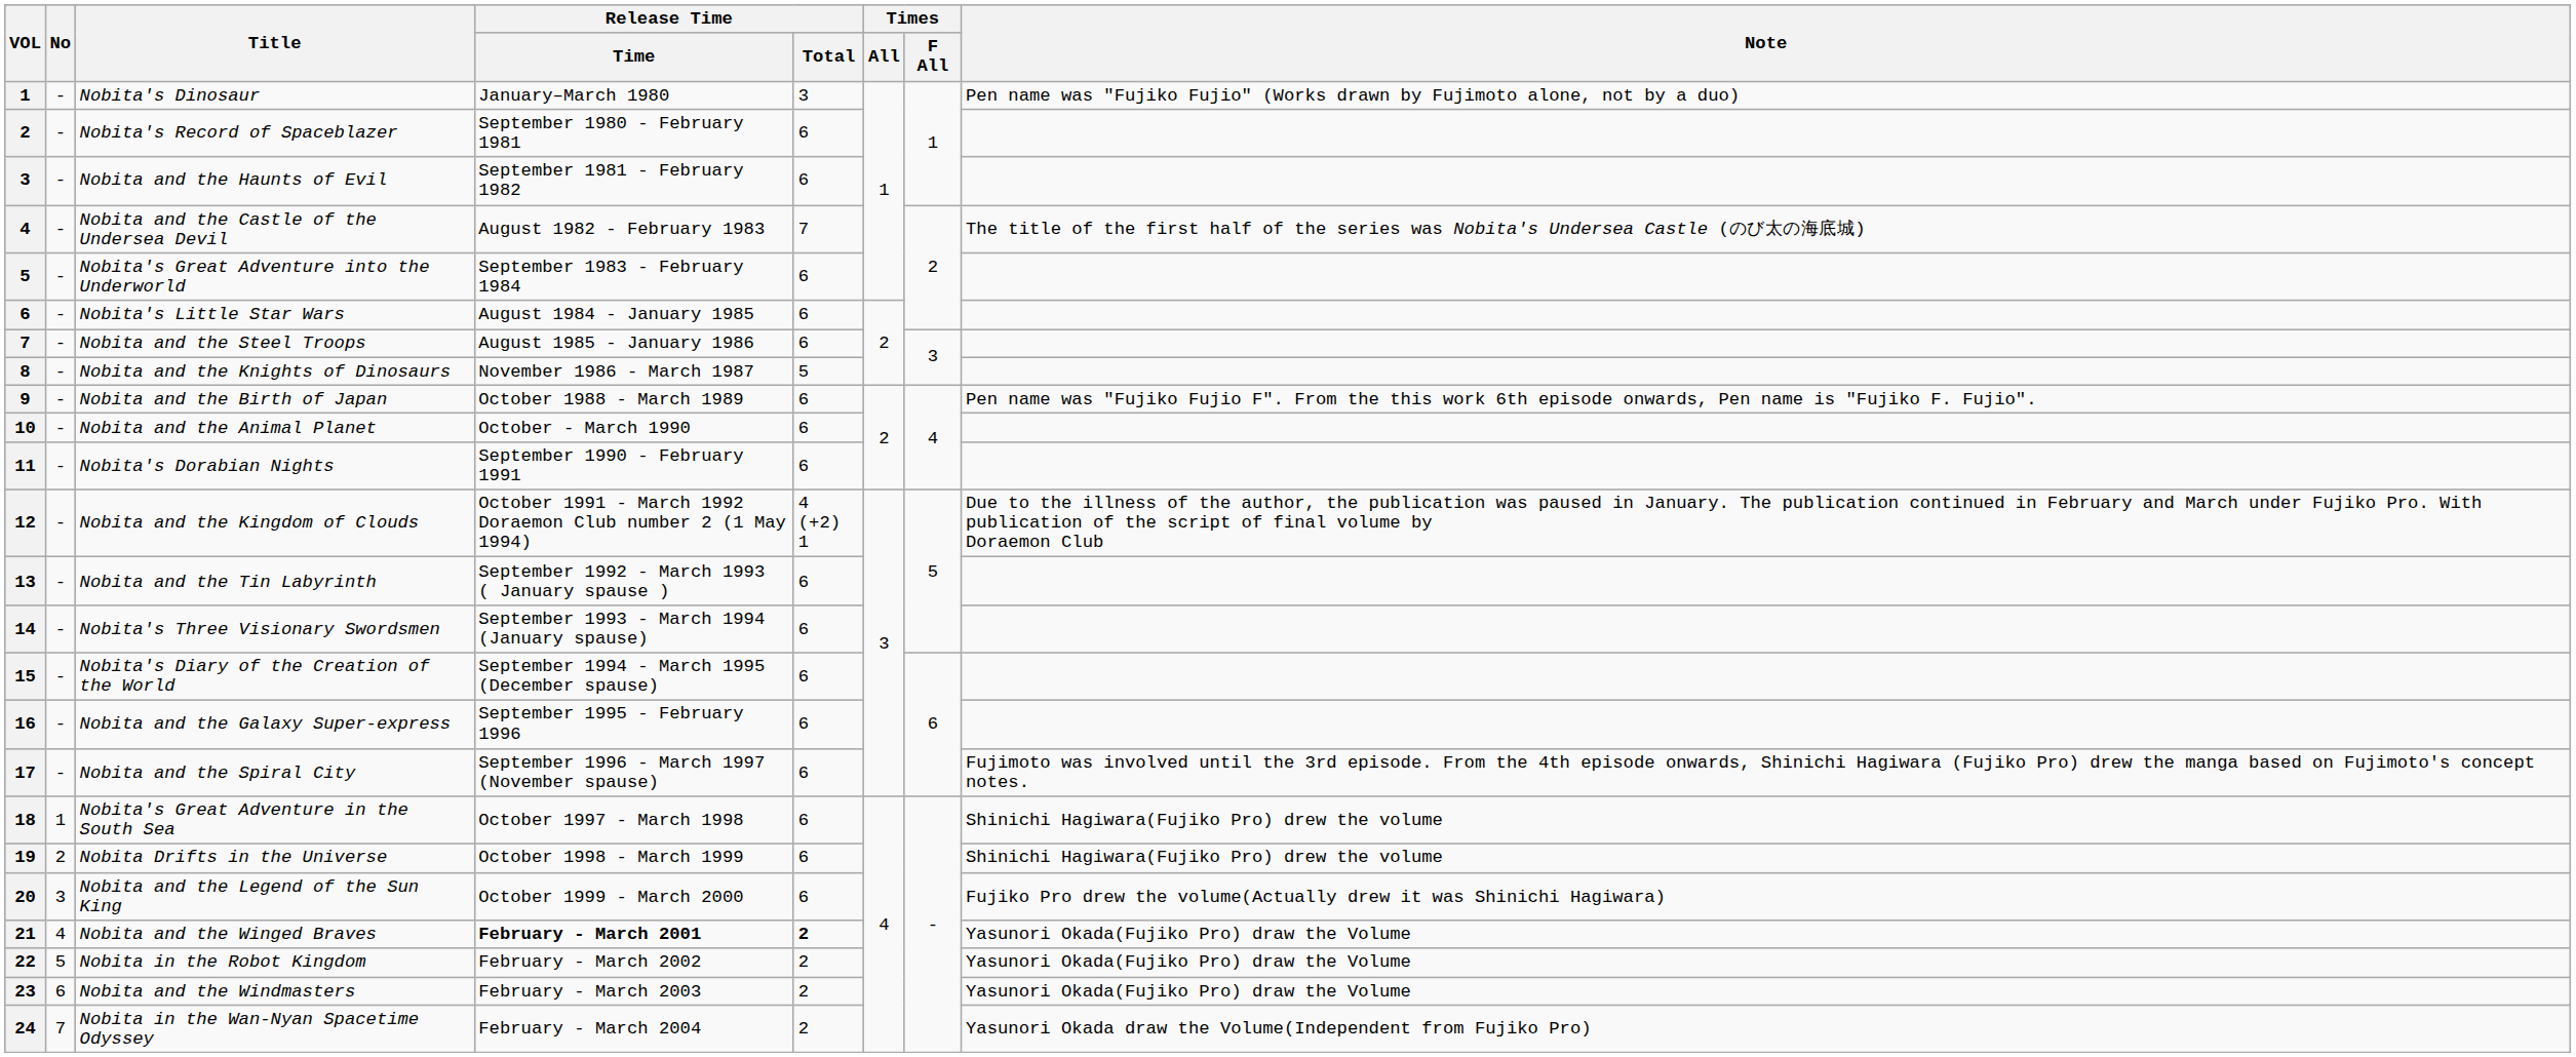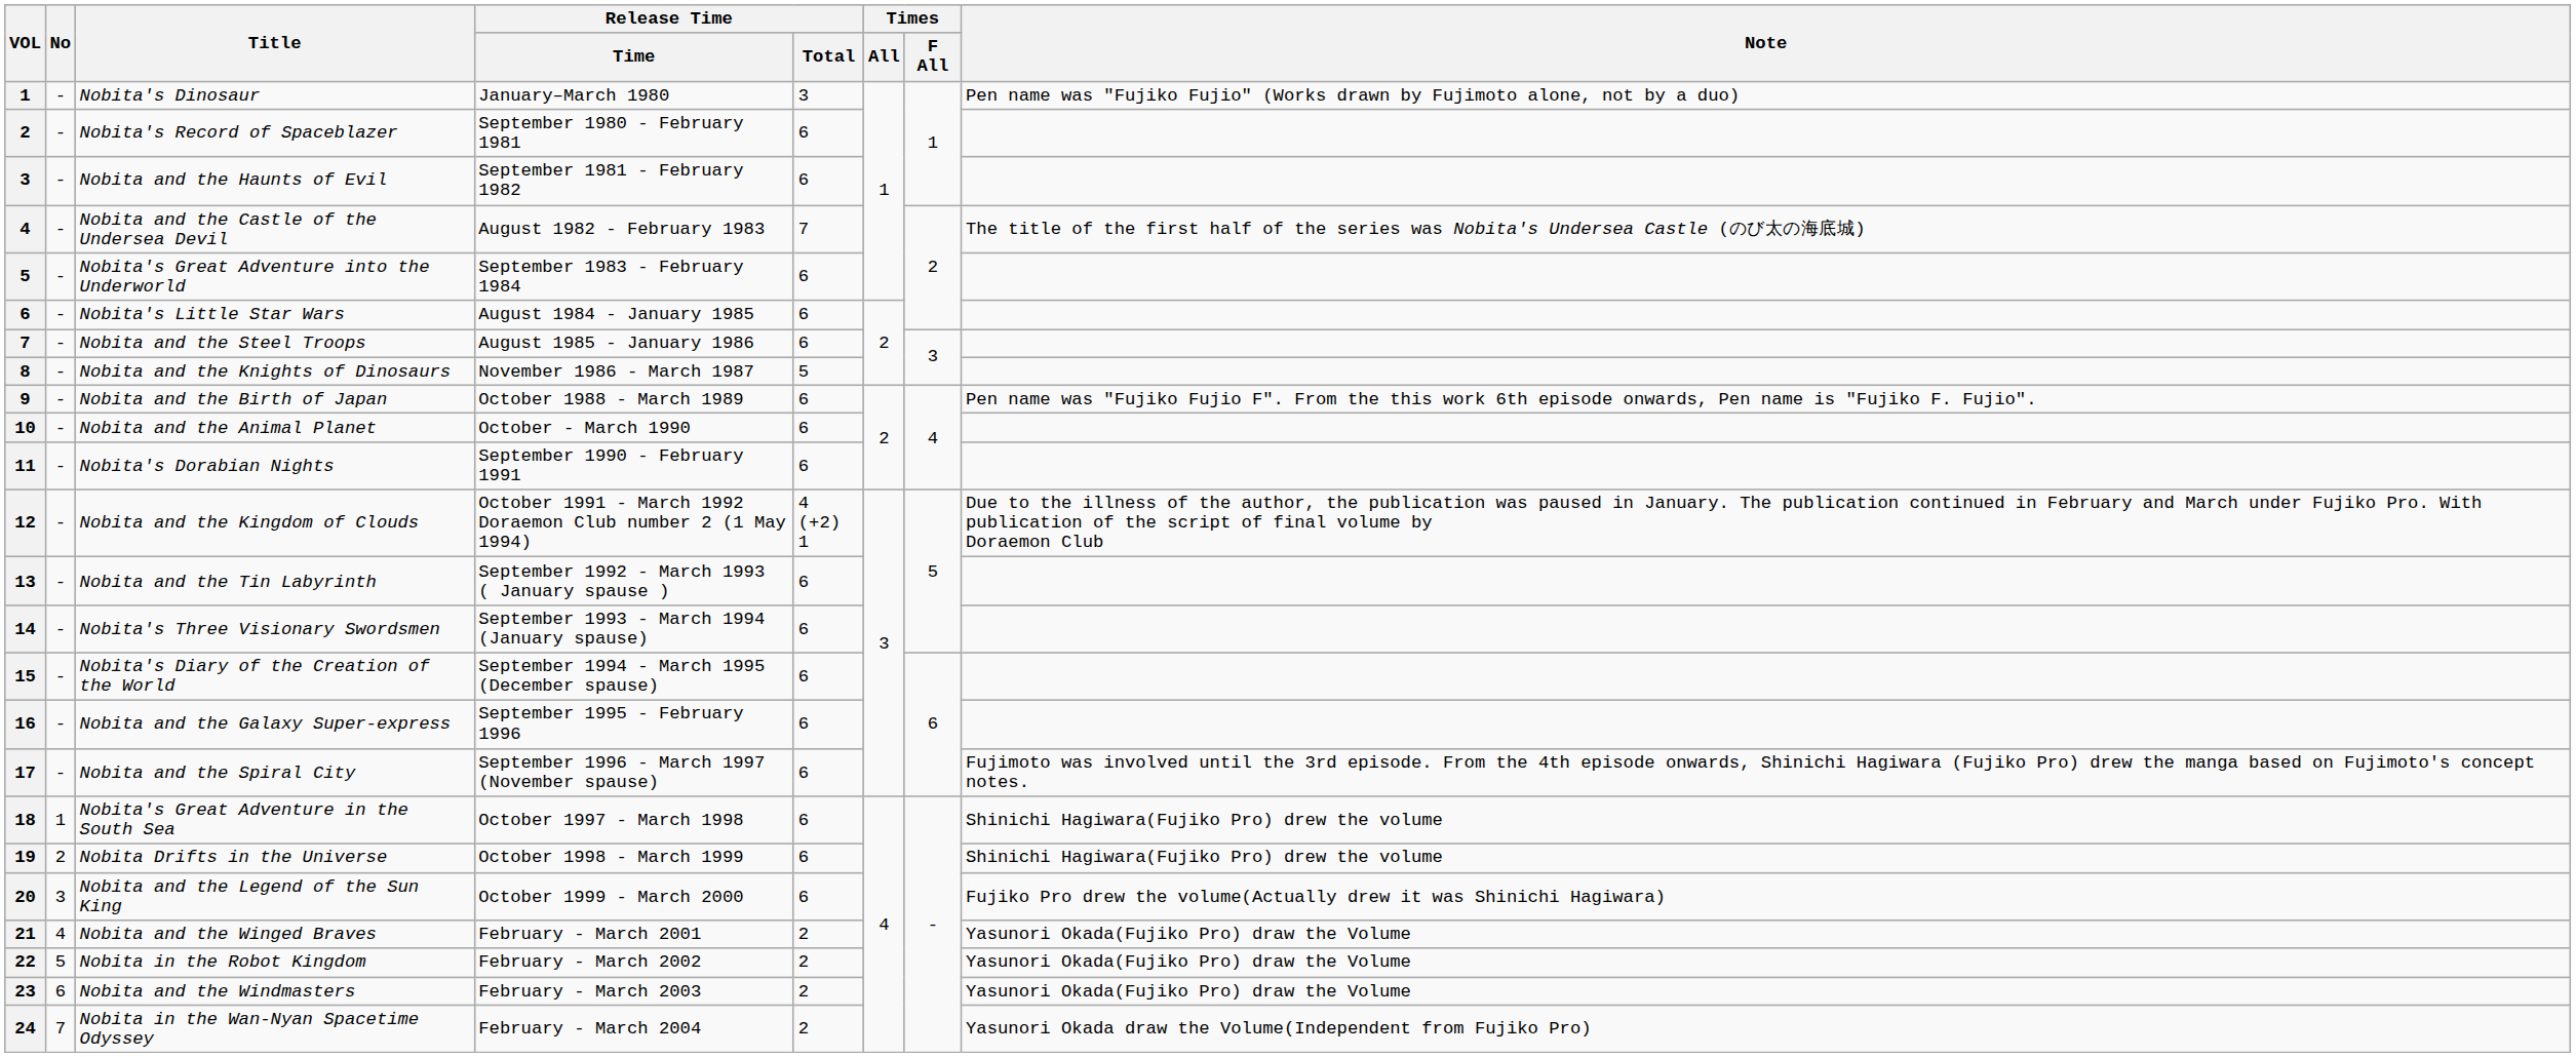 <table class="wikitable" style="font-size:smaller">
 <tr>
 <th rowspan="2">VOL</th>
 <th rowspan="2">No</th>
 <th rowspan="2">Title</th>
 <th colspan="2">Release Time</th>
 <th colspan="2">Times</th>
 <th rowspan="2">Note</th>
 </tr>
 <tr>
 <th>Time</th>
 <th>Total</th>
 <th>All</th>
 <th>F All</th>
 </tr>
 <tr>
 <th>1</th>
 <td style="text-align:center">-</td>
 <td><em>Nobita's Dinosaur</em></td>
 <td>January–March 1980</td>
 <td>3</td>
 <td style="text-align:center" rowspan="5">1</td>
 <td style="text-align:center" rowspan="3">1</td>
 <td>Pen name was "Fujiko Fujio" (Works drawn by Fujimoto alone, not by a duo)</td>
 </tr>
 <tr>
 <th>2</th>
 <td style="text-align:center">-</td>
 <td><em>Nobita's Record of Spaceblazer</em></td>
 <td>September 1980 - February 1981</td>
 <td>6</td>
 <td></td>
 </tr>
 <tr>
 <th>3</th>
 <td style="text-align:center">-</td>
 <td><em>Nobita and the Haunts of Evil</em></td>
 <td>September 1981 - February 1982</td>
 <td>6</td>
 <td></td>
 </tr>
 <tr>
 <th>4</th>
 <td style="text-align:center">-</td>
 <td><em>Nobita and the Castle of the Undersea Devil</em></td>
 <td>August 1982 - February 1983</td>
 <td>7</td>
 <td style="text-align:center" rowspan="3">2</td>
 <td>The title of the first half of the series was <em>Nobita's Undersea Castle</em> (のび太の海底城)</td>
 </tr>
 <tr>
 <th>5</th>
 <td style="text-align:center">-</td>
 <td><em>Nobita's Great Adventure into the Underworld</em></td>
 <td>September 1983 - February 1984</td>
 <td>6</td>
 <td></td>
 </tr>
 <tr>
 <th>6</th>
 <td style="text-align:center">-</td>
 <td><em>Nobita's Little Star Wars</em></td>
 <td>August 1984 - January 1985</td>
 <td>6</td>
 <td style="text-align:center" rowspan="3">2</td>
 <td></td>
 </tr>
 <tr>
 <th>7</th>
 <td style="text-align:center">-</td>
 <td><em>Nobita and the Steel Troops</em></td>
 <td>August 1985 - January 1986</td>
 <td>6</td>
 <td style="text-align:center" rowspan="2">3</td>
 <td></td>
 </tr>
 <tr>
 <th>8</th>
 <td style="text-align:center">-</td>
 <td><em>Nobita and the Knights of Dinosaurs</em></td>
 <td>November 1986 - March 1987</td>
 <td>5</td>
 <td></td>
 </tr>
 <tr>
 <th>9</th>
 <td style="text-align:center">-</td>
 <td><em>Nobita and the Birth of Japan</em></td>
 <td>October 1988 - March 1989</td>
 <td>6</td>
 <td style="text-align:center" rowspan="3">2</td>
 <td style="text-align:center" rowspan="3">4</td>
 <td>Pen name was "Fujiko Fujio F". From the this work 6th episode onwards, Pen name is "Fujiko F. Fujio".</td>
 </tr>
 <tr>
 <th>10</th>
 <td style="text-align:center">-</td>
 <td><em>Nobita and the Animal Planet</em></td>
 <td>October - March 1990</td>
 <td>6</td>
 <td></td>
 </tr>
 <tr>
 <th>11</th>
 <td style="text-align:center">-</td>
 <td><em>Nobita's Dorabian Nights</em></td>
 <td>September 1990 - February 1991</td>
 <td>6</td>
 <td></td>
 </tr>
 <tr>
 <th>12</th>
 <td style="text-align:center">-</td>
 <td><em>Nobita and the Kingdom of Clouds</em></td>
 <td>October 1991 - March 1992<br>Doraemon Club number 2 (1 May 1994)</td>
 <td>4 (+2)<br>1</td>
 <td style="text-align:center" rowspan="6">3</td>
 <td style="text-align:center" rowspan="3">5</td>
 <td>Due to the illness of the author, the publication was paused in January. The publication continued in February and March under Fujiko Pro. With publication of the script of final volume by<br>Doraemon Club</td>
 </tr>
 <tr>
 <th>13</th>
 <td style="text-align:center">-</td>
 <td><em>Nobita and the Tin Labyrinth</em></td>
 <td>September 1992 - March 1993<br> ( January spause )</td>
 <td>6</td>
 <td></td>
 </tr>
 <tr>
 <th>14</th>
 <td style="text-align:center">-</td>
 <td><em>Nobita's Three Visionary Swordsmen</em></td>
 <td>September 1993 - March 1994<br> (January spause)</td>
 <td>6</td>
 <td></td>
 </tr>
 <tr>
 <th>15</th>
 <td style="text-align:center">-</td>
 <td><em>Nobita's Diary of the Creation of the World</em></td>
 <td>September 1994 - March 1995<br> (December spause)</td>
 <td>6</td>
 <td style="text-align:center" rowspan="3">6</td>
 <td></td>
 </tr>
 <tr>
 <th>16</th>
 <td style="text-align:center">-</td>
 <td><em>Nobita and the Galaxy Super-express</em></td>
 <td>September 1995 - February 1996</td>
 <td>6</td>
 <td></td>
 </tr>
 <tr>
 <th>17</th>
 <td style="text-align:center">-</td>
 <td><em>Nobita and the Spiral City</em></td>
 <td>September 1996 - March 1997<br>(November spause)</td>
 <td>6</td>
 <td>Fujimoto was involved until the 3rd episode. From the 4th episode onwards, Shinichi Hagiwara (Fujiko Pro) drew the manga based on Fujimoto's concept notes.</td>
 </tr>
 <tr>
 <th>18</th>
 <td style="text-align:center">1</td>
 <td><em>Nobita's Great Adventure in the South Sea</em></td>
 <td>October 1997 - March 1998</td>
 <td>6</td>
 <td style="text-align:center" rowspan="7">4</td>
 <td rowspan="7" style="text-align:center">-</td>
 <td>Shinichi Hagiwara(Fujiko Pro) drew the volume</td>
 </tr>
 <tr>
 <th>19</th>
 <td style="text-align:center">2</td>
 <td><em>Nobita Drifts in the Universe</em></td>
 <td>October 1998 - March 1999</td>
 <td>6</td>
 <td>Shinichi Hagiwara(Fujiko Pro) drew the volume</td>
 </tr>
 <tr>
 <th>20</th>
 <td style="text-align:center">3</td>
 <td><em>Nobita and the Legend of the Sun King</em></td>
 <td>October 1999 - March 2000</td>
 <td>6</td>
 <td>Fujiko Pro drew the volume(Actually drew it was Shinichi Hagiwara)</td>
 </tr>
 <tr>
 <th>21</th>
 <td style="text-align:center">4</td>
 <td><em>Nobita and the Winged Braves</em></td>
-<td><strong>February - March 2001</strong></td>
-<td><strong>2</strong></td>
+<td>February - March 2001</td>
+<td>2</td>
 <td>Yasunori Okada(Fujiko Pro) draw  the Volume</td>
 </tr>
 <tr>
 <th>22</th>
 <td style="text-align:center">5</td>
 <td><em>Nobita in the Robot Kingdom</em></td>
 <td>February - March 2002</td>
 <td>2</td>
 <td>Yasunori Okada(Fujiko Pro) draw  the Volume</td>
 </tr>
 <tr>
 <th>23</th>
 <td style="text-align:center">6</td>
 <td><em>Nobita and the Windmasters</em></td>
 <td>February - March 2003</td>
 <td>2</td>
 <td>Yasunori Okada(Fujiko Pro) draw  the Volume</td>
 </tr>
 <tr>
 <th>24</th>
 <td style="text-align:center">7</td>
 <td><em>Nobita in the Wan-Nyan Spacetime Odyssey</em></td>
 <td>February - March 2004</td>
 <td>2</td>
 <td>Yasunori Okada draw  the Volume(Independent from Fujiko Pro)</td>
 </tr>
 </table>
